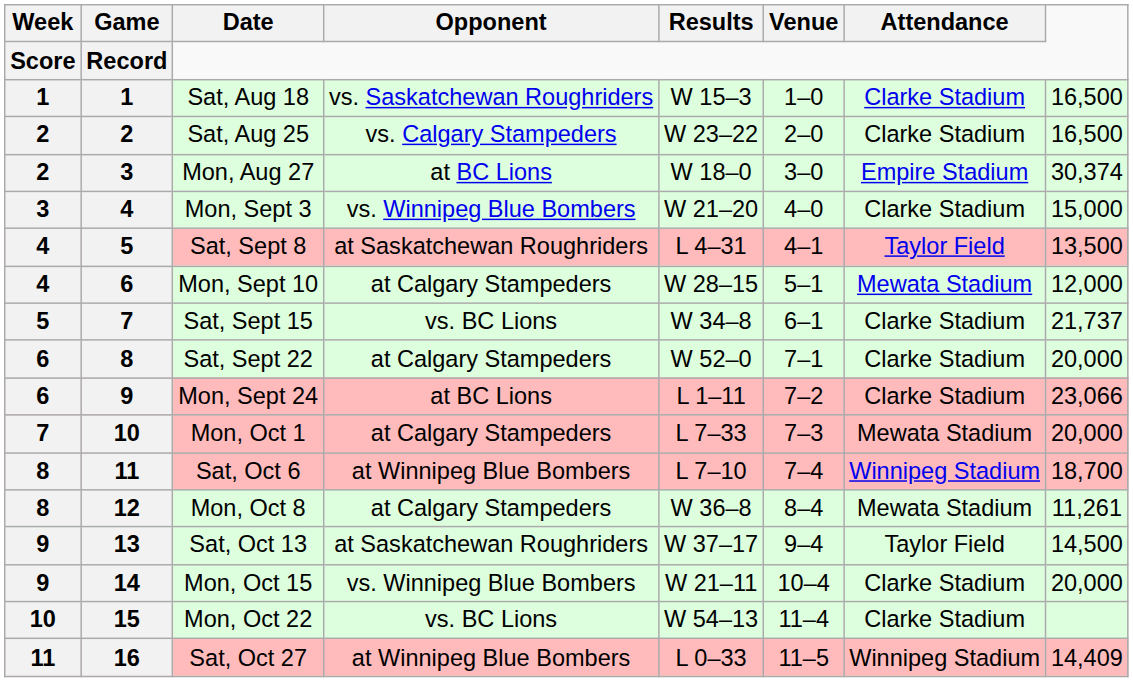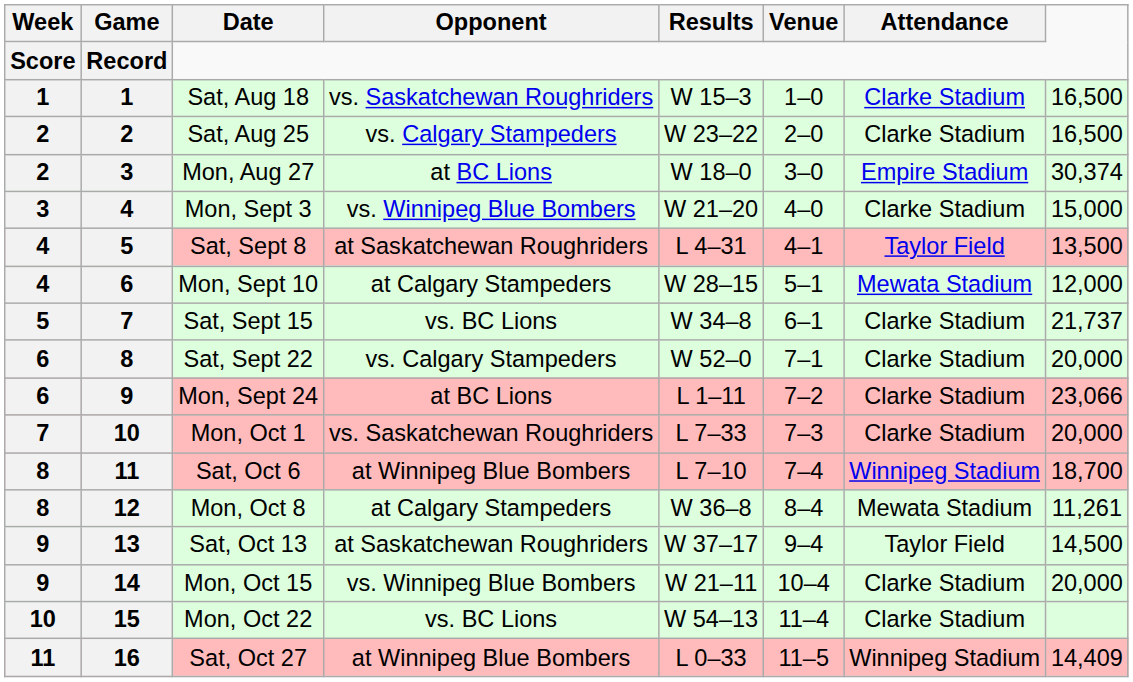 <table class="wikitable" style="text-align:center">
 <tr>
 <th>Week</th>
 <th>Game</th>
 <th>Date</th>
 <th>Opponent</th>
 <th>Results</th>
 <th>Venue</th>
 <th>Attendance</th>
 </tr>
 <tr>
 <th>Score</th>
 <th>Record</th>
 </tr>
 <tr style="background:#ddffdd">
 <th>1</th>
 <th>1</th>
 <td>Sat, Aug 18</td>
 <td>vs. <a href='#'>Saskatchewan Roughriders</a></td>
 <td>W 15–3</td>
 <td>1–0</td>
 <td><a href='#'>Clarke Stadium</a></td>
 <td>16,500</td>
 </tr>
 <tr style="background:#ddffdd">
 <th>2</th>
 <th>2</th>
 <td>Sat, Aug 25</td>
 <td>vs. <a href='#'>Calgary Stampeders</a></td>
 <td>W 23–22</td>
 <td>2–0</td>
 <td>Clarke Stadium</td>
 <td>16,500</td>
 </tr>
 <tr style="background:#ddffdd">
 <th>2</th>
 <th>3</th>
 <td>Mon, Aug 27</td>
 <td>at <a href='#'>BC Lions</a></td>
 <td>W 18–0</td>
 <td>3–0</td>
 <td><a href='#'>Empire Stadium</a></td>
 <td>30,374</td>
 </tr>
 <tr style="background:#ddffdd">
 <th>3</th>
 <th>4</th>
 <td>Mon, Sept 3</td>
 <td>vs. <a href='#'>Winnipeg Blue Bombers</a></td>
 <td>W 21–20</td>
 <td>4–0</td>
 <td>Clarke Stadium</td>
 <td>15,000</td>
 </tr>
 <tr style="background:#ffbbbb">
 <th>4</th>
 <th>5</th>
 <td>Sat, Sept 8</td>
 <td>at Saskatchewan Roughriders</td>
 <td>L 4–31</td>
 <td>4–1</td>
 <td><a href='#'>Taylor Field</a></td>
 <td>13,500</td>
 </tr>
 <tr style="background:#ddffdd">
 <th>4</th>
 <th>6</th>
 <td>Mon, Sept 10</td>
 <td>at Calgary Stampeders</td>
 <td>W 28–15</td>
 <td>5–1</td>
 <td><a href='#'>Mewata Stadium</a></td>
 <td>12,000</td>
 </tr>
 <tr style="background:#ddffdd">
 <th>5</th>
 <th>7</th>
 <td>Sat, Sept 15</td>
 <td>vs. BC Lions</td>
 <td>W 34–8</td>
 <td>6–1</td>
 <td>Clarke Stadium</td>
 <td>21,737</td>
 </tr>
 <tr style="background:#ddffdd">
 <th>6</th>
 <th>8</th>
 <td>Sat, Sept 22</td>
-<td>at Calgary Stampeders</td>
+<td>vs. Calgary Stampeders</td>
 <td>W 52–0</td>
 <td>7–1</td>
 <td>Clarke Stadium</td>
 <td>20,000</td>
 </tr>
 <tr style="background:#ffbbbb">
 <th>6</th>
 <th>9</th>
 <td>Mon, Sept 24</td>
 <td>at BC Lions</td>
 <td>L 1–11</td>
 <td>7–2</td>
 <td>Clarke Stadium</td>
 <td>23,066</td>
 </tr>
 <tr style="background:#ffbbbb">
 <th>7</th>
 <th>10</th>
 <td>Mon, Oct 1</td>
-<td>at Calgary Stampeders</td>
+<td>vs. Saskatchewan Roughriders</td>
 <td>L 7–33</td>
 <td>7–3</td>
-<td>Mewata Stadium</td>
+<td>Clarke Stadium</td>
 <td>20,000</td>
 </tr>
 <tr style="background:#ffbbbb">
 <th>8</th>
 <th>11</th>
 <td>Sat, Oct 6</td>
 <td>at Winnipeg Blue Bombers</td>
 <td>L 7–10</td>
 <td>7–4</td>
 <td><a href='#'>Winnipeg Stadium</a></td>
 <td>18,700</td>
 </tr>
 <tr style="background:#ddffdd">
 <th>8</th>
 <th>12</th>
 <td>Mon, Oct 8</td>
 <td>at Calgary Stampeders</td>
 <td>W 36–8</td>
 <td>8–4</td>
 <td>Mewata Stadium</td>
 <td>11,261</td>
 </tr>
 <tr style="background:#ddffdd">
 <th>9</th>
 <th>13</th>
 <td>Sat, Oct 13</td>
 <td>at Saskatchewan Roughriders</td>
 <td>W 37–17</td>
 <td>9–4</td>
 <td>Taylor Field</td>
 <td>14,500</td>
 </tr>
 <tr style="background:#ddffdd">
 <th>9</th>
 <th>14</th>
 <td>Mon, Oct 15</td>
 <td>vs. Winnipeg Blue Bombers</td>
 <td>W 21–11</td>
 <td>10–4</td>
 <td>Clarke Stadium</td>
 <td>20,000</td>
 </tr>
 <tr style="background:#ddffdd">
 <th>10</th>
 <th>15</th>
 <td>Mon, Oct 22</td>
 <td>vs. BC Lions</td>
 <td>W 54–13</td>
 <td>11–4</td>
 <td>Clarke Stadium</td>
 <td></td>
 </tr>
 <tr style="background:#ffbbbb">
 <th>11</th>
 <th>16</th>
 <td>Sat, Oct 27</td>
 <td>at Winnipeg Blue Bombers</td>
 <td>L 0–33</td>
 <td>11–5</td>
 <td>Winnipeg Stadium</td>
 <td>14,409</td>
 </tr>
 </table>
